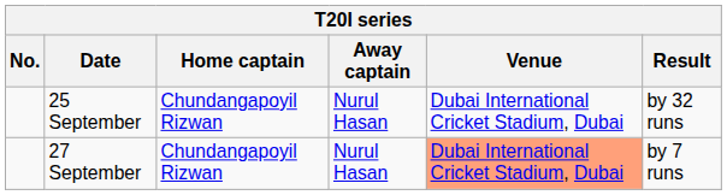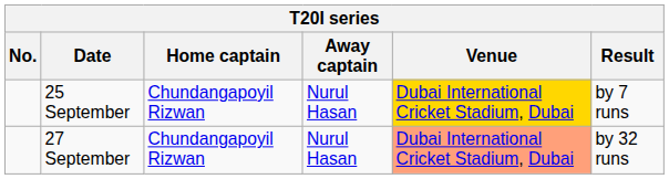 <table class="wikitable">
 <tr>
 <th colspan="9">T20I series</th>
 </tr>
 <tr>
 <th>No.</th>
 <th>Date</th>
 <th>Home captain</th>
 <th>Away captain</th>
 <th>Venue</th>
 <th>Result</th>
 </tr>
 <tr>
 <td></td>
 <td>25 September</td>
 <td><a href='#'>Chundangapoyil Rizwan</a></td>
 <td><a href='#'>Nurul Hasan</a></td>
-<td><a href='#'>Dubai International Cricket Stadium</a>, <a href='#'>Dubai</a></td>
-<td> by 32 runs</td>
+<td style="background: gold;"><a href='#'>Dubai International Cricket Stadium</a>, <a href='#'>Dubai</a></td>
+<td> by 7 runs</td>
 </tr>
 <tr>
 <td></td>
 <td>27 September</td>
 <td><a href='#'>Chundangapoyil Rizwan</a></td>
 <td><a href='#'>Nurul Hasan</a></td>
 <td style="background: lightsalmon;"><a href='#'>Dubai International Cricket Stadium</a>, <a href='#'>Dubai</a></td>
-<td> by 7 runs</td>
+<td> by 32 runs</td>
 </tr>
 </table>
